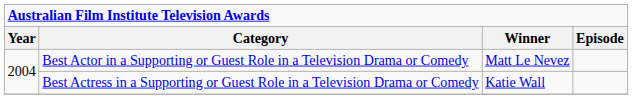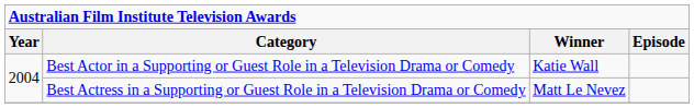 <table class="wikitable">
 <tr>
 <td colspan=4><strong><a href='#'>Australian Film Institute Television Awards</a></strong></td>
 </tr>
 <tr>
 <th>Year</th>
 <th>Category</th>
 <th>Winner</th>
 <th>Episode</th>
 </tr>
 <tr>
 <td rowspan=2>2004</td>
 <td><a href='#'>Best Actor in a Supporting or Guest Role in a Television Drama or Comedy</a></td>
-<td><a href='#'>Matt Le Nevez</a></td>
+<td><a href='#'>Katie Wall</a></td>
 <td></td>
 </tr>
 <tr>
 <td><a href='#'>Best Actress in a Supporting or Guest Role in a Television Drama or Comedy</a></td>
-<td><a href='#'>Katie Wall</a></td>
+<td><a href='#'>Matt Le Nevez</a></td>
 <td></td>
 </tr>
 <tr>
 </tr>
 </table>
